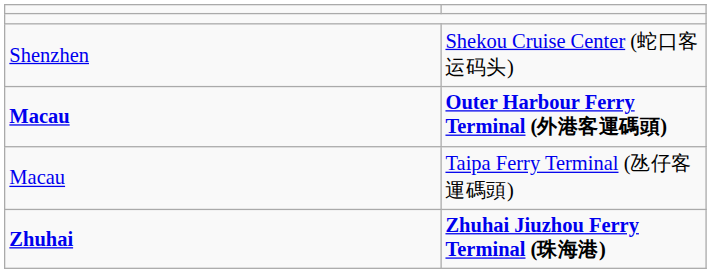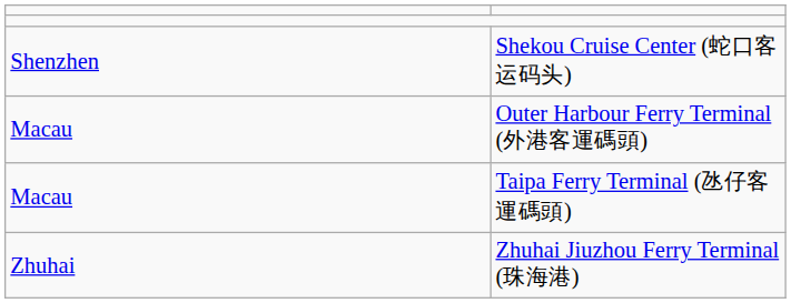 <table class="wikitable">
 <tr>
 <td style="width:250pt;"></td>
 <td style="width:150pt;"></td>
 </tr>
 <tr style="background:#">
 <td colspan = "7"></td>
 </tr>
 <tr>
 <td><a href='#'>Shenzhen</a></td>
 <td><a href='#'>Shekou Cruise Center</a> (蛇口客运码头)</td>
 </tr>
 <tr>
-<td><strong><a href='#'>Macau</a></strong></td>
-<td><strong><a href='#'>Outer Harbour Ferry Terminal</a> (外港客運碼頭)</strong></td>
+<td><a href='#'>Macau</a></td>
+<td><a href='#'>Outer Harbour Ferry Terminal</a> (外港客運碼頭)</td>
 </tr>
 <tr>
 <td><a href='#'>Macau</a></td>
 <td><a href='#'>Taipa Ferry Terminal</a> (氹仔客運碼頭)</td>
 </tr>
 <tr>
-<td><strong><a href='#'>Zhuhai</a></strong></td>
-<td><strong><a href='#'>Zhuhai Jiuzhou Ferry Terminal</a> (珠海港)</strong></td>
+<td><a href='#'>Zhuhai</a></td>
+<td><a href='#'>Zhuhai Jiuzhou Ferry Terminal</a> (珠海港)</td>
 </tr>
 </table>
